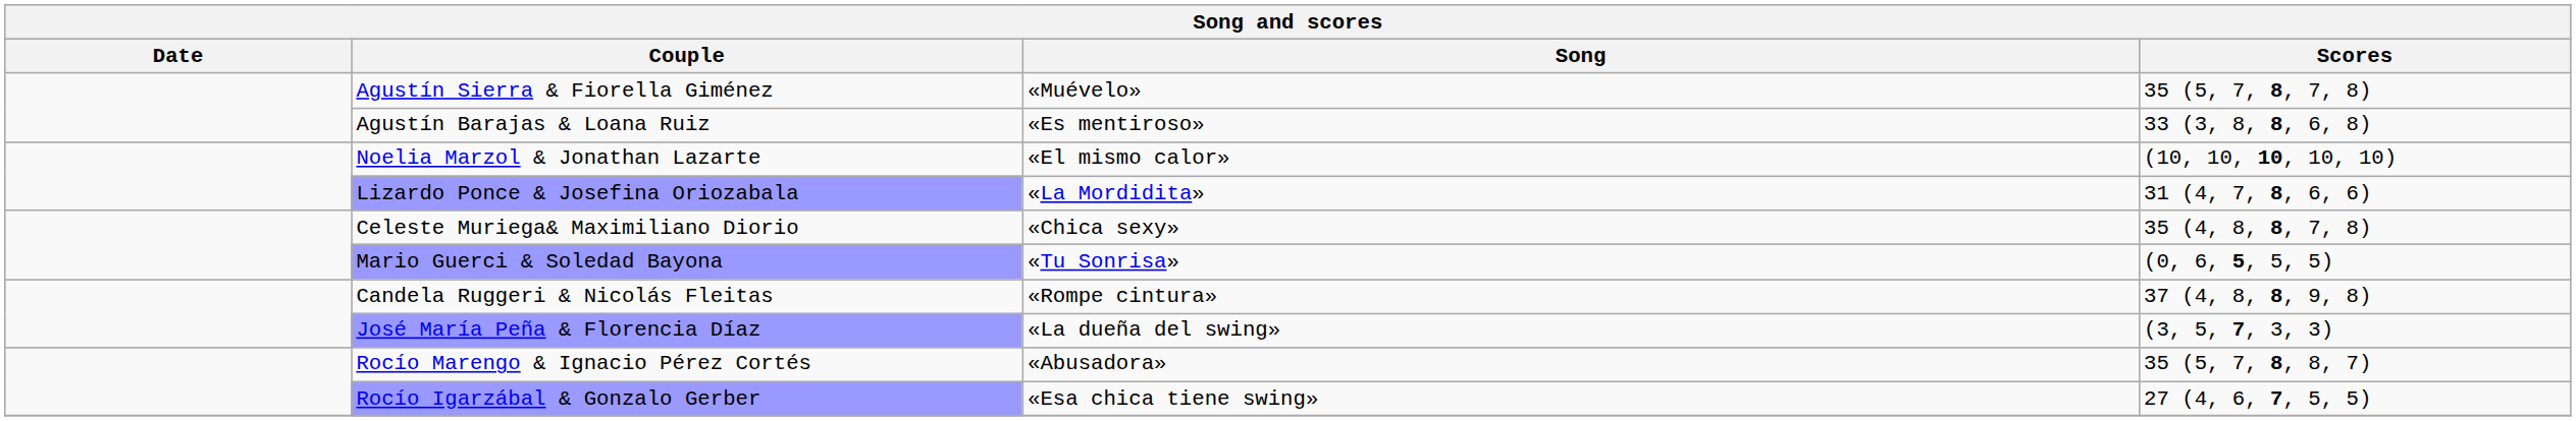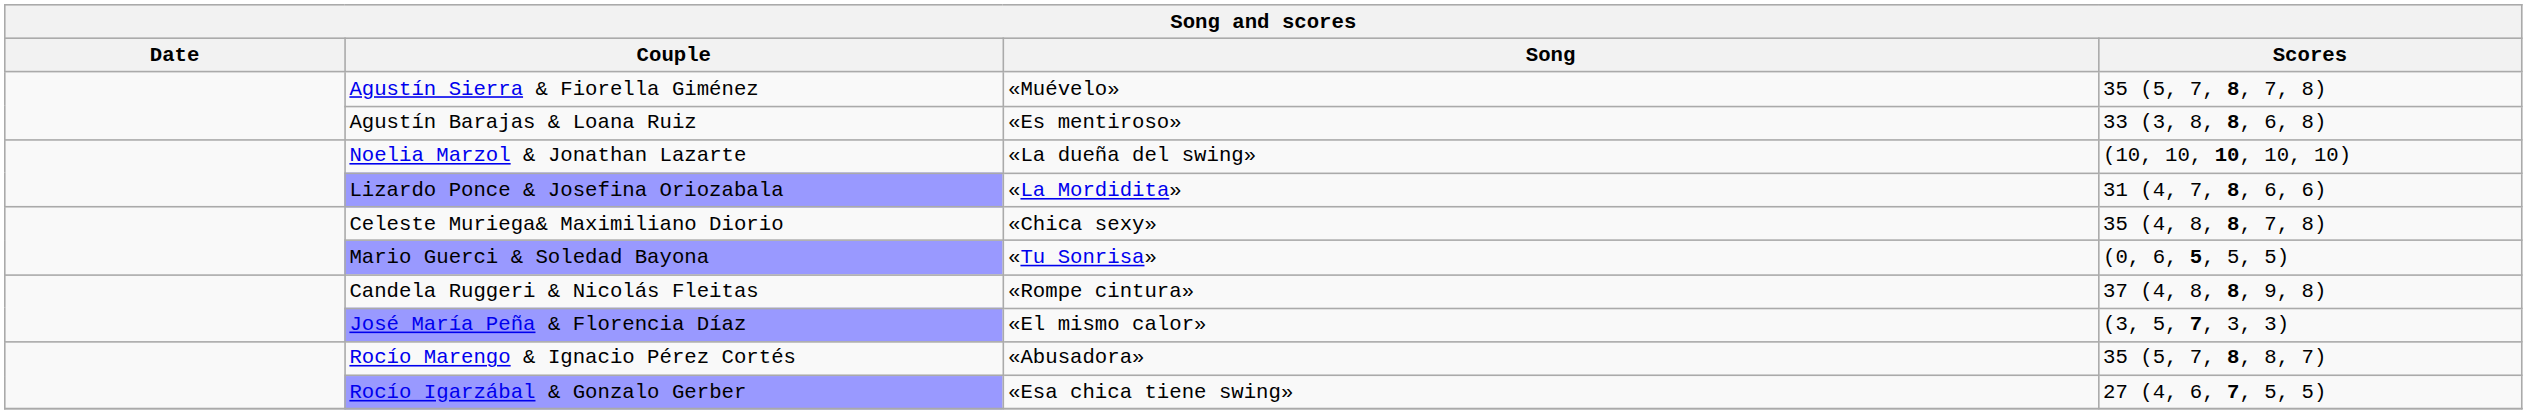 <table class="wikitable collapsible collapsed" style="text-align: align; width: 100%;">
 <tr>
 <th colspan="11" style="with: 100%;" align="center">Song and scores</th>
 </tr>
 <tr>
 <th width=95>Date</th>
 <th width=190>Couple</th>
 <th width=320>Song</th>
 <th width=120>Scores</th>
 </tr>
 <tr>
 <td rowspan="2"></td>
 <td><a href='#'>Agustín Sierra</a> & Fiorella Giménez</td>
 <td>«Muévelo» </td>
 <td>35 (5, 7, <strong>8</strong>, 7, 8)</td>
 </tr>
 <tr>
 <td>Agustín Barajas & Loana Ruiz</td>
 <td>«Es mentiroso» </td>
 <td>33 (3, 8, <strong>8</strong>, 6, 8)</td>
 </tr>
 <tr>
 <td rowspan="2"></td>
 <td><a href='#'>Noelia Marzol</a> & Jonathan Lazarte</td>
-<td>«El mismo calor» </td>
+<td>«La dueña del swing» </td>
 <td> (10, 10, <strong>10</strong>, 10, 10)</td>
 </tr>
 <tr>
 <td bgcolor="#9999FF">Lizardo Ponce & Josefina Oriozabala</td>
 <td>«<a href='#'>La Mordidita</a>» </td>
 <td>31 (4, 7, <strong>8</strong>, 6, 6)</td>
 </tr>
 <tr>
 <td rowspan="2"></td>
 <td>Celeste Muriega& Maximiliano Diorio</td>
 <td>«Chica sexy» </td>
 <td>35 (4, 8, <strong>8</strong>, 7, 8)</td>
 </tr>
 <tr>
 <td bgcolor="#9999FF">Mario Guerci & Soledad Bayona</td>
 <td>«<a href='#'>Tu Sonrisa</a>» </td>
 <td> (0, 6, <strong>5</strong>, 5, 5)</td>
 </tr>
 <tr>
 <td rowspan="2"></td>
 <td>Candela Ruggeri & Nicolás Fleitas</td>
 <td>«Rompe cintura» </td>
 <td>37 (4, 8, <strong>8</strong>, 9, 8)</td>
 </tr>
 <tr>
 <td bgcolor="#9999FF"><a href='#'>José María Peña</a> & Florencia Díaz</td>
-<td>«La dueña del swing» </td>
+<td>«El mismo calor» </td>
 <td> (3, 5, <strong>7</strong>, 3, 3)</td>
 </tr>
 <tr>
 <td rowspan="2"></td>
 <td><a href='#'>Rocío Marengo</a> & Ignacio Pérez Cortés</td>
 <td>«Abusadora» </td>
 <td>35 (5, 7, <strong>8</strong>, 8, 7)</td>
 </tr>
 <tr>
 <td bgcolor="#9999FF"><a href='#'>Rocío Igarzábal</a> & Gonzalo Gerber</td>
 <td>«Esa chica tiene swing» </td>
 <td>27 (4, 6, <strong>7</strong>, 5, 5)</td>
 </tr>
 <tr>
 </tr>
 </table>
